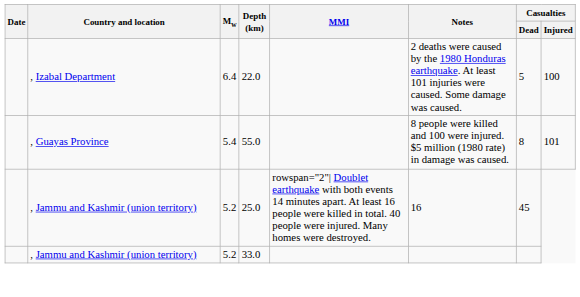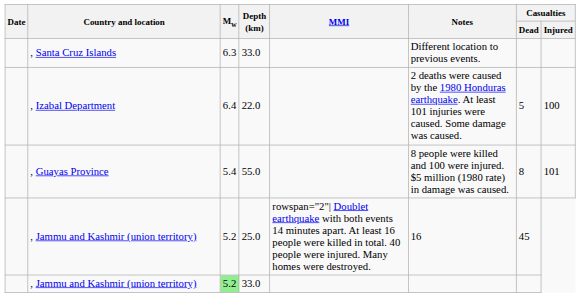 <table class="wikitable sortable sort-under" style="border:1px black; margin-left:1em;">
 <tr>
 <th rowspan="2"><small>Date</small></th>
 <th rowspan="2" style="width: 280px"><small>Country and location</small></th>
 <th rowspan="2"><small>M<sub>w</sub></small></th>
 <th rowspan="2"><small>Depth (km)</small></th>
 <th rowspan="2"><small><a href='#'>MMI</a></small></th>
 <th rowspan="2" class="unsortable"><small>Notes</small></th>
 <th colspan="2"><small>Casualties</small></th>
 </tr>
 <tr>
 <th><small>Dead</small></th>
 <th><small>Injured</small></th>
+</tr>
+<tr>
+<td></td>
+<td>, <a href='#'>Santa Cruz Islands</a></td>
+<td>6.3</td>
+<td>33.0</td>
+<td></td>
+<td>Different location to previous events.</td>
+<td></td>
+<td></td>
 </tr>
 <tr>
 <td></td>
 <td>, <a href='#'>Izabal Department</a></td>
 <td>6.4</td>
 <td>22.0</td>
 <td></td>
 <td>2 deaths were caused by the <a href='#'>1980 Honduras earthquake</a>. At least 101 injuries were caused. Some damage was caused.</td>
 <td>5</td>
 <td>100</td>
 </tr>
 <tr>
 <td></td>
 <td>, <a href='#'>Guayas Province</a></td>
 <td>5.4</td>
 <td>55.0</td>
 <td></td>
 <td>8 people were killed and 100 were injured. $5 million (1980 rate) in damage was caused.</td>
 <td>8</td>
 <td>101</td>
 </tr>
 <tr>
 <td></td>
 <td>, <a href='#'>Jammu and Kashmir (union territory)</a></td>
 <td>5.2</td>
 <td>25.0</td>
 <td>rowspan="2"| <a href='#'>Doublet earthquake</a> with both events 14 minutes apart. At least 16 people were killed in total. 40 people were injured. Many homes were destroyed.</td>
 <td>16</td>
 <td>45</td>
 </tr>
 <tr>
 <td></td>
 <td>, <a href='#'>Jammu and Kashmir (union territory)</a></td>
-<td>5.2</td>
+<td style="background: lightgreen;">5.2</td>
 <td>33.0</td>
 <td></td>
 <td></td>
 <td></td>
 </tr>
 </table>
